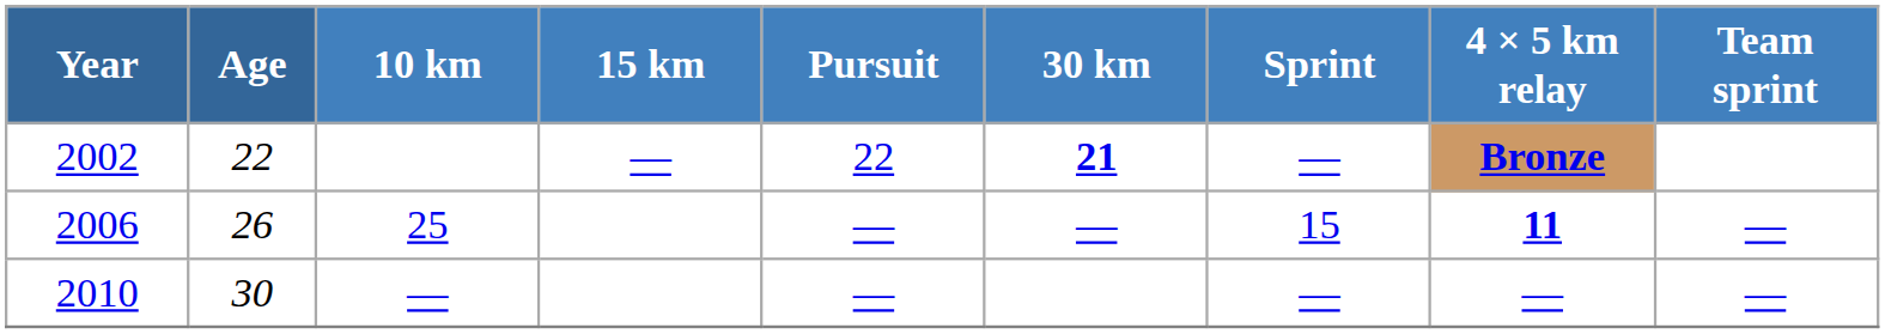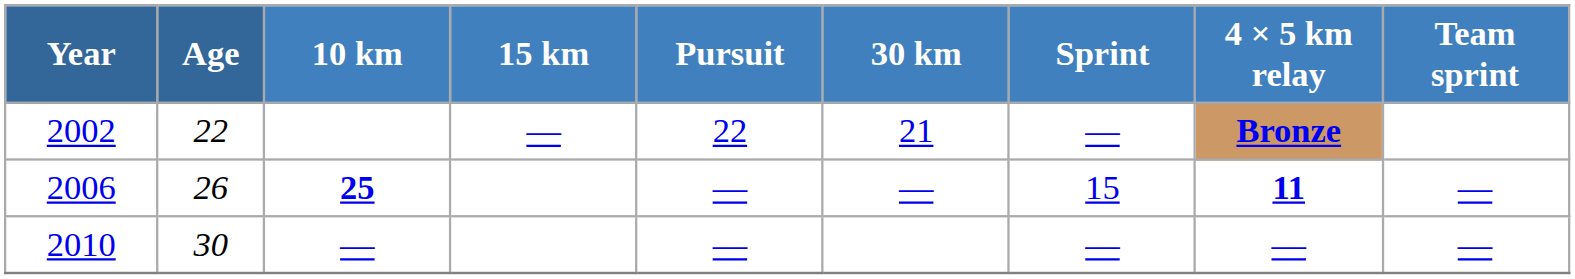 <table class="wikitable" style="font-size:95%; text-align:center; border:grey solid 1px; border-collapse:collapse; background:#ffffff;">
 <tr>
 <th style="background-color:#369; color:white; width:60px;"> Year </th>
 <th style="background-color:#369; color:white; width:40px;"> Age </th>
 <th style="background-color:#4180be; color:white; width:75px;"> 10 km </th>
 <th style="background-color:#4180be; color:white; width:75px;"> 15 km </th>
 <th style="background-color:#4180be; color:white; width:75px;"> Pursuit </th>
 <th style="background-color:#4180be; color:white; width:75px;"> 30 km </th>
 <th style="background-color:#4180be; color:white; width:75px;"> Sprint </th>
 <th style="background-color:#4180be; color:white; width:75px;"> 4 × 5 km <br> relay </th>
 <th style="background-color:#4180be; color:white; width:75px;"> Team <br> sprint </th>
 </tr>
 <tr>
 <td><a href='#'>2002</a></td>
 <td><em>22</em></td>
 <td><a href='#'></a></td>
 <td><a href='#'>—</a></td>
 <td><a href='#'>22</a></td>
-<td><strong><a href='#'>21</a></strong></td>
+<td><a href='#'>21</a></td>
 <td><a href='#'>—</a></td>
 <td style="background:#c96;"><a href='#'><strong>Bronze</strong></a></td>
 <td></td>
 </tr>
 <tr>
 <td><a href='#'>2006</a></td>
 <td><em>26</em></td>
-<td><a href='#'>25</a></td>
+<td><strong><a href='#'>25</a></strong></td>
 <td></td>
 <td><a href='#'>—</a></td>
 <td><a href='#'>—</a></td>
 <td><a href='#'>15</a></td>
 <td><strong><a href='#'>11</a></strong></td>
 <td><a href='#'>—</a></td>
 </tr>
 <tr>
 <td><a href='#'>2010</a></td>
 <td><em>30</em></td>
 <td><a href='#'>—</a></td>
 <td></td>
 <td><a href='#'>—</a></td>
 <td><a href='#'></a></td>
 <td><a href='#'>—</a></td>
 <td><a href='#'>—</a></td>
 <td><a href='#'>—</a></td>
 </tr>
 <tr>
 </tr>
 </table>
